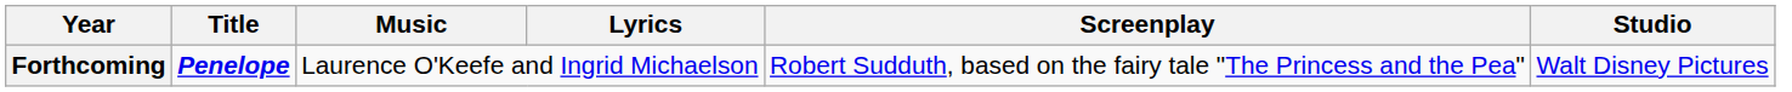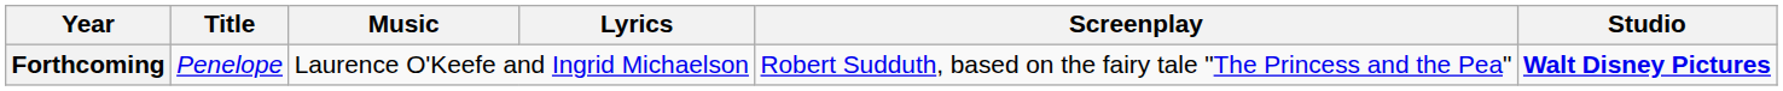 <table class="wikitable">
 <tr>
 <th scope="col">Year</th>
 <th scope="col">Title</th>
 <th scope="col">Music</th>
 <th scope="col">Lyrics</th>
 <th scope="col">Screenplay</th>
 <th scope="col">Studio</th>
 </tr>
 <tr>
 <th scope="row">Forthcoming</th>
-<td><strong><em><a href='#'>Penelope</a></em></strong></td>
+<td><em><a href='#'>Penelope</a></em></td>
 <td colspan=2 align="center">Laurence O'Keefe and <a href='#'>Ingrid Michaelson</a></td>
 <td><a href='#'>Robert Sudduth</a>, based on the fairy tale "<a href='#'>The Princess and the Pea</a>"</td>
-<td><a href='#'>Walt Disney Pictures</a></td>
+<td><strong><a href='#'>Walt Disney Pictures</a></strong></td>
 </tr>
 </table>
